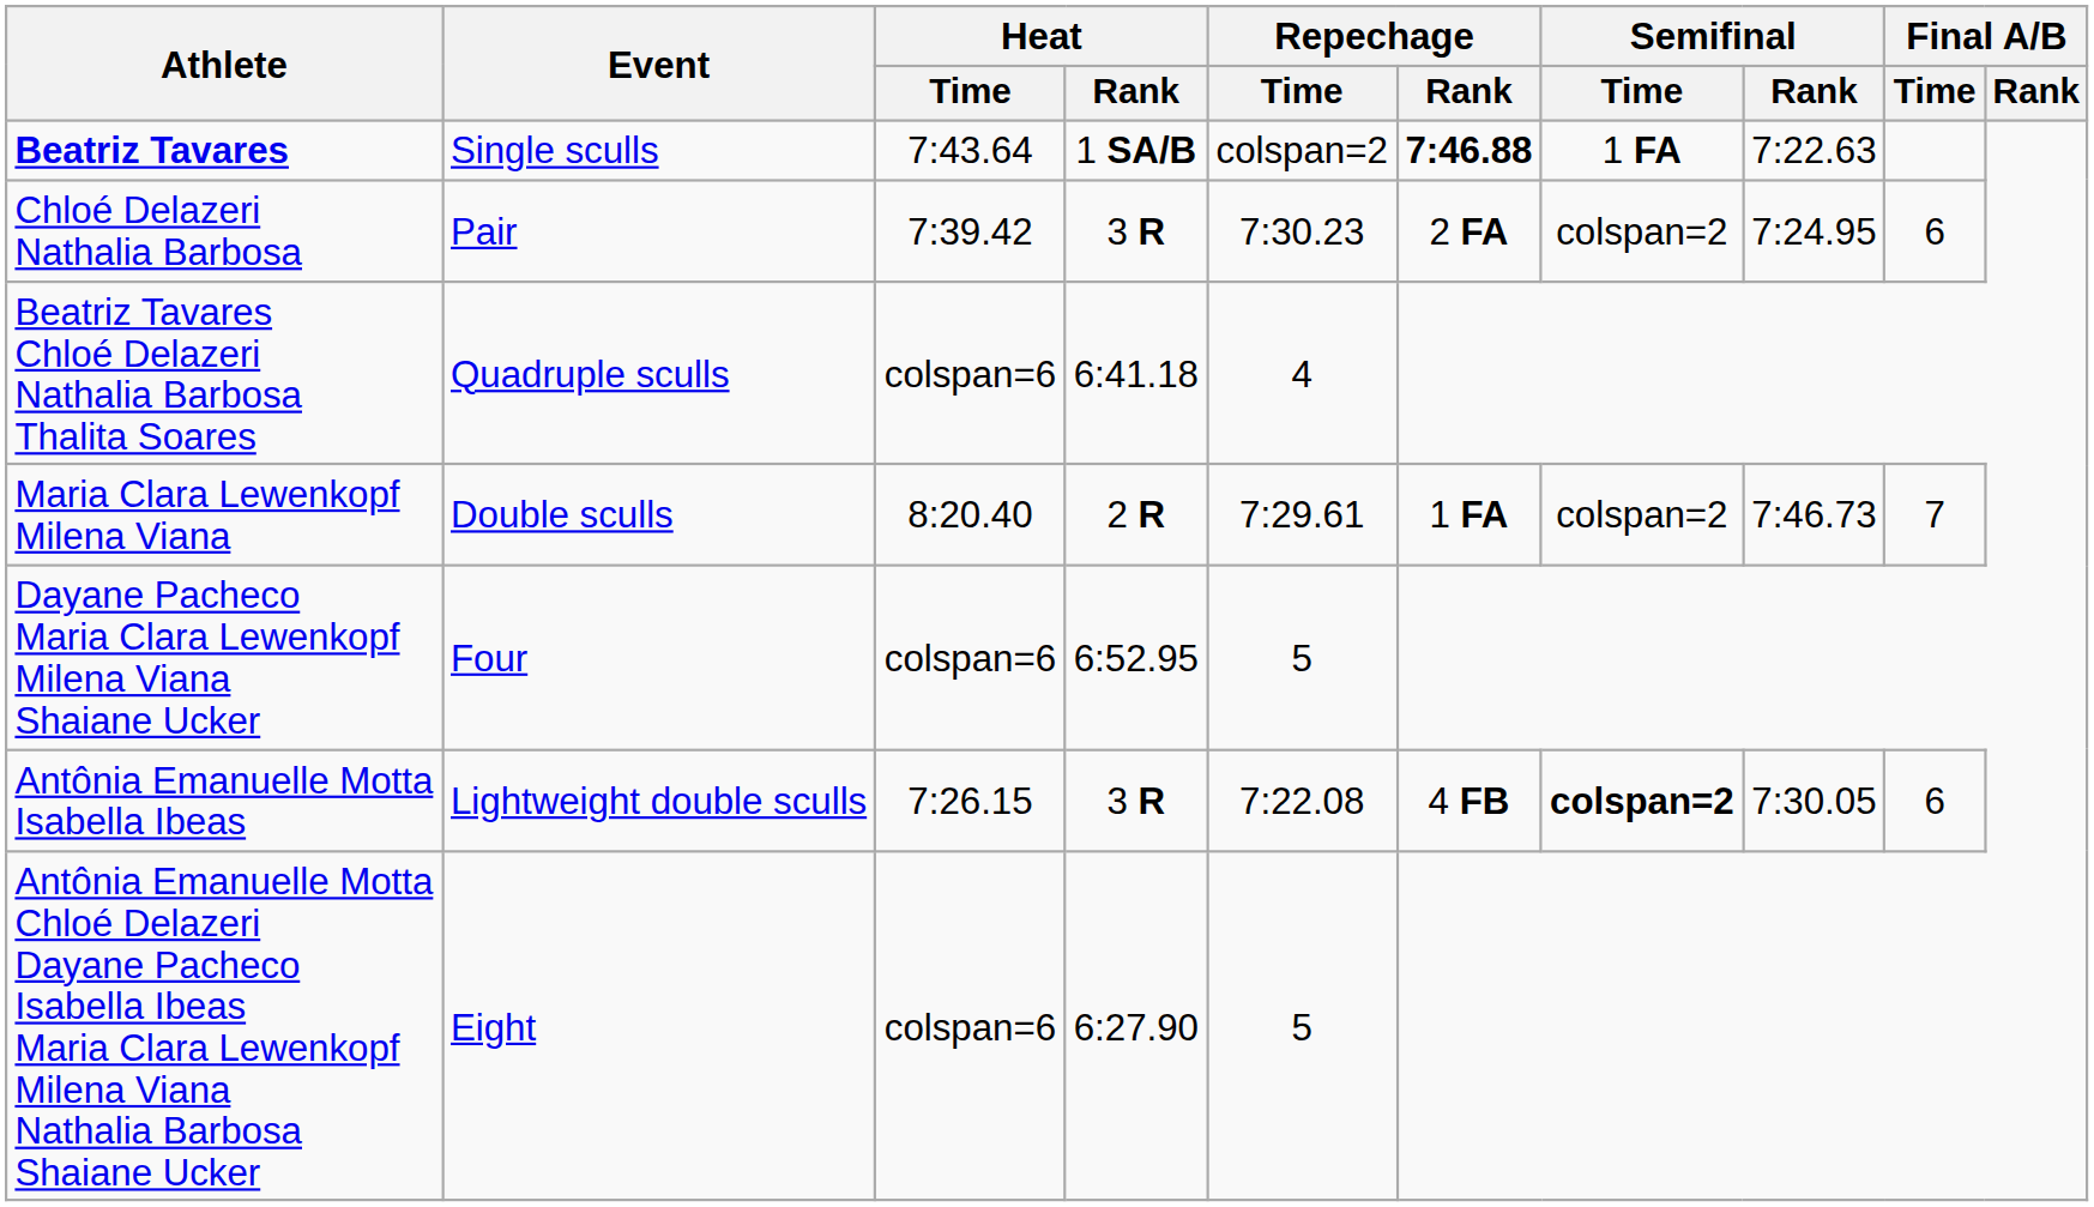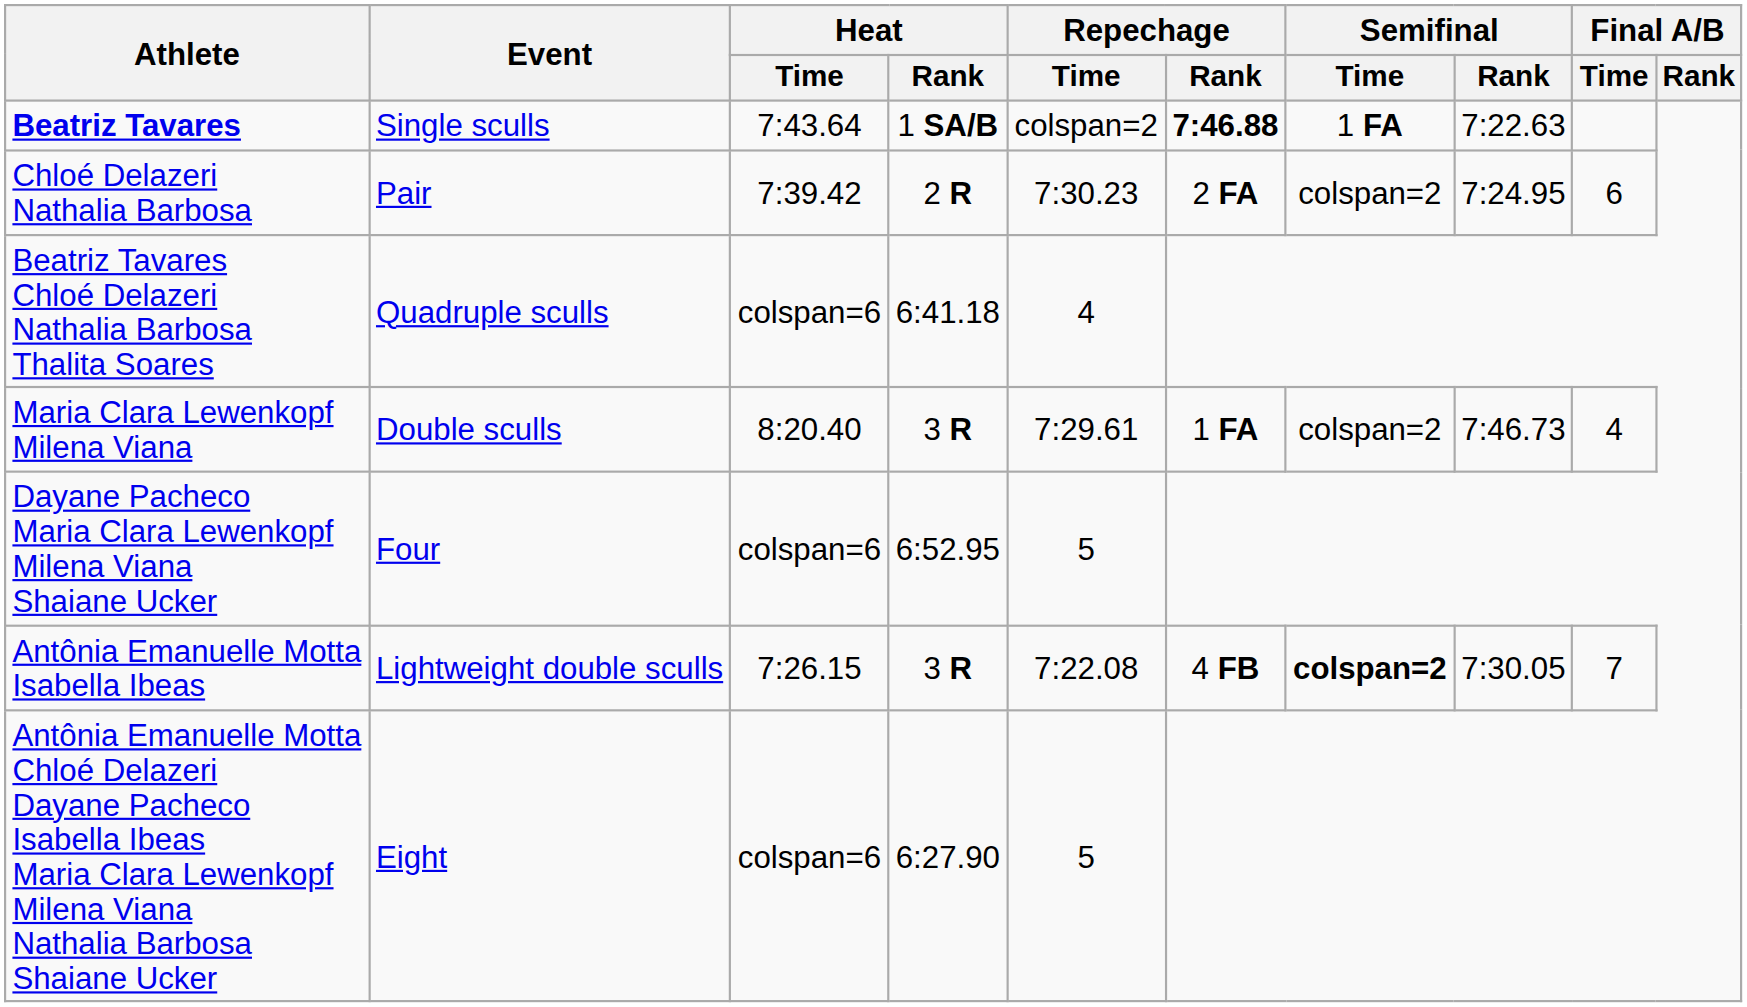 <table class=wikitable style=font-size:90%;text-align:center>
 <tr>
 <th rowspan=2>Athlete</th>
 <th rowspan=2>Event</th>
 <th colspan=2>Heat</th>
 <th colspan=2>Repechage</th>
 <th colspan=2>Semifinal</th>
 <th colspan=2>Final A/B</th>
 </tr>
 <tr style=font-size:95%>
 <th>Time</th>
 <th>Rank</th>
 <th>Time</th>
 <th>Rank</th>
 <th>Time</th>
 <th>Rank</th>
 <th>Time</th>
 <th>Rank</th>
 </tr>
 <tr>
 <td align=left><strong><a href='#'>Beatriz Tavares</a></strong></td>
 <td align=left><a href='#'>Single sculls</a></td>
 <td>7:43.64</td>
 <td>1 <strong>SA/B</strong></td>
 <td>colspan=2 </td>
 <td><strong>7:46.88</strong></td>
 <td>1 <strong>FA</strong></td>
 <td>7:22.63</td>
 <td></td>
 </tr>
 <tr>
 <td align=left><a href='#'>Chloé Delazeri</a><br><a href='#'>Nathalia Barbosa</a></td>
 <td align=left><a href='#'>Pair</a></td>
 <td>7:39.42</td>
-<td>3 <strong>R</strong></td>
+<td>2 <strong>R</strong></td>
 <td>7:30.23</td>
 <td>2 <strong>FA</strong></td>
 <td>colspan=2 </td>
 <td>7:24.95</td>
 <td>6</td>
 </tr>
 <tr>
 <td align=left><a href='#'>Beatriz Tavares</a><br><a href='#'>Chloé Delazeri</a><br><a href='#'>Nathalia Barbosa</a><br><a href='#'>Thalita Soares</a></td>
 <td align=left><a href='#'>Quadruple sculls</a></td>
 <td>colspan=6 </td>
 <td>6:41.18</td>
 <td>4</td>
 </tr>
 <tr>
 <td align=left><a href='#'>Maria Clara Lewenkopf</a><br><a href='#'>Milena Viana</a></td>
 <td align=left><a href='#'>Double sculls</a></td>
 <td>8:20.40</td>
-<td>2 <strong>R</strong></td>
+<td>3 <strong>R</strong></td>
 <td>7:29.61</td>
 <td>1 <strong>FA</strong></td>
 <td>colspan=2 </td>
 <td>7:46.73</td>
-<td>7</td>
+<td>4</td>
 </tr>
 <tr>
 <td align=left><a href='#'>Dayane Pacheco</a><br><a href='#'>Maria Clara Lewenkopf</a><br><a href='#'>Milena Viana</a><br><a href='#'>Shaiane Ucker</a></td>
 <td align=left><a href='#'>Four</a></td>
 <td>colspan=6 </td>
 <td>6:52.95</td>
 <td>5</td>
 </tr>
 <tr>
 <td align=left><a href='#'>Antônia Emanuelle Motta</a><br><a href='#'>Isabella Ibeas</a></td>
 <td align=left><a href='#'>Lightweight double sculls</a></td>
 <td>7:26.15</td>
 <td>3 <strong>R</strong></td>
 <td>7:22.08</td>
 <td>4 <strong>FB</strong></td>
 <td><strong>colspan=2 </strong></td>
 <td>7:30.05</td>
-<td>6</td>
+<td>7</td>
 </tr>
 <tr>
 <td align=left><a href='#'>Antônia Emanuelle Motta</a><br><a href='#'>Chloé Delazeri</a><br><a href='#'>Dayane Pacheco</a><br><a href='#'>Isabella Ibeas</a><br><a href='#'>Maria Clara Lewenkopf</a><br><a href='#'>Milena Viana</a><br><a href='#'>Nathalia Barbosa</a><br><a href='#'>Shaiane Ucker</a></td>
 <td align=left><a href='#'>Eight</a></td>
 <td>colspan=6 </td>
 <td>6:27.90</td>
 <td>5</td>
 </tr>
 </table>
